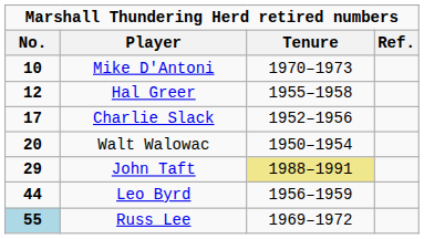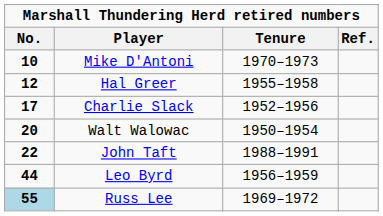 <table class="wikitable sortable" style="text-align:center">
 <tr>
 <td colspan="5"><strong>Marshall Thundering Herd retired numbers</strong></td>
 </tr>
 <tr>
 <th width=40px>No.</th>
 <th width=150px>Player</th>
 <th width=100px>Tenure</th>
 <th width=px>Ref.</th>
 </tr>
 <tr>
 <td><strong>10</strong></td>
 <td><a href='#'>Mike D'Antoni</a></td>
 <td>1970–1973</td>
 <td></td>
 </tr>
 <tr>
 <td><strong>12</strong></td>
 <td><a href='#'>Hal Greer</a></td>
 <td>1955–1958</td>
 <td></td>
 </tr>
 <tr>
 <td><strong>17</strong></td>
 <td><a href='#'>Charlie Slack</a></td>
 <td>1952–1956</td>
 <td></td>
 </tr>
 <tr>
 <td><strong>20</strong></td>
 <td>Walt Walowac</td>
 <td>1950–1954</td>
 <td></td>
 </tr>
 <tr>
-<td><strong>29</strong></td>
+<td><strong>22</strong></td>
 <td><a href='#'>John Taft</a></td>
-<td style="background: khaki;">1988–1991</td>
+<td>1988–1991</td>
 <td></td>
 </tr>
 <tr>
 <td><strong>44</strong></td>
 <td><a href='#'>Leo Byrd</a></td>
 <td>1956–1959</td>
 <td></td>
 </tr>
 <tr>
 <td style="background: lightblue;"><strong>55</strong></td>
 <td><a href='#'>Russ Lee</a></td>
 <td>1969–1972</td>
 <td></td>
 </tr>
 </table>
